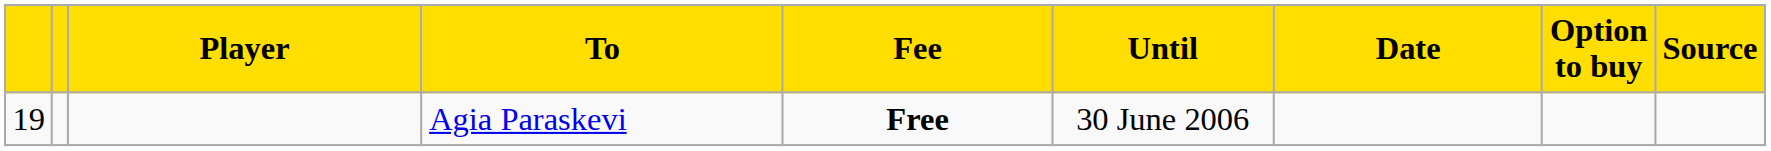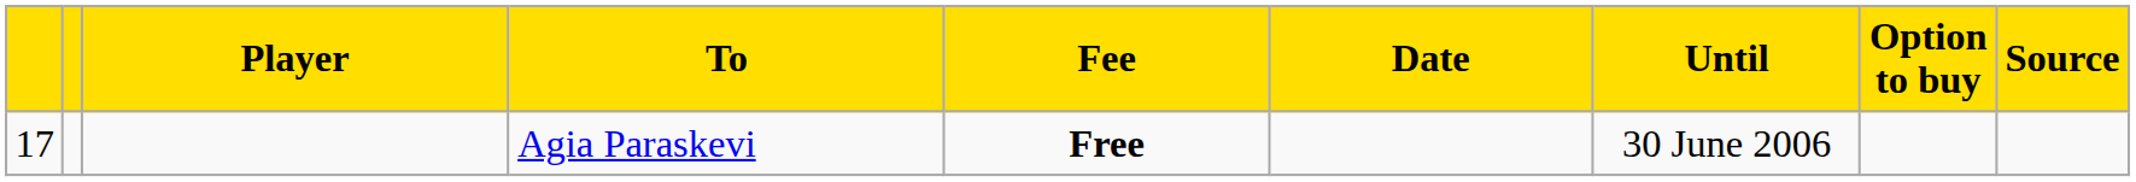 <table class="wikitable sortable">
 <tr>
 <th style="background:#FFDE00"></th>
 <th style="background:#FFDE00"></th>
 <th width=200 style="background:#FFDE00">Player</th>
 <th width=200 style="background:#FFDE00">To</th>
 <th width=150 style="background:#FFDE00">Fee</th>
+<th width=150 style="background:#FFDE00">Date</th>
 <th width=120 style="background:#FFDE00">Until</th>
-<th width=150 style="background:#FFDE00">Date</th>
 <th style="background:#FFDE00">Option to buy</th>
 <th style="background:#FFDE00">Source</th>
 </tr>
 <tr>
-<td align=center>19</td>
+<td align=center>17</td>
 <td align=center></td>
 <td></td>
 <td> <a href='#'>Agia Paraskevi</a></td>
 <td align=center><strong>Free</strong></td>
+<td align=center></td>
 <td align=center>30 June 2006</td>
-<td align=center></td>
 <td align=center></td>
 <td align=center></td>
 </tr>
 </table>
